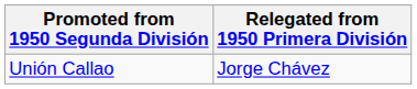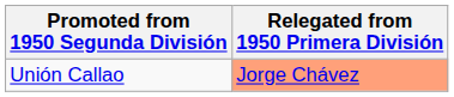 <table class="wikitable">
 <tr>
 <th>Promoted from<br><a href='#'>1950 Segunda División</a></th>
 <th>Relegated from<br><a href='#'>1950 Primera División</a></th>
 </tr>
 <tr>
 <td> <a href='#'>Unión Callao</a> </td>
-<td> <a href='#'>Jorge Chávez</a> </td>
+<td style="background: lightsalmon;"> <a href='#'>Jorge Chávez</a> </td>
 </tr>
 </table>
